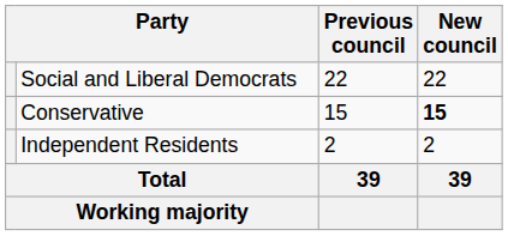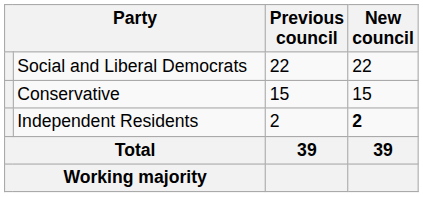 <table class="wikitable">
 <tr>
 <th valign=top colspan="2" style="width: 230px">Party</th>
 <th valign=top style="width: 30px">Previous council</th>
 <th valign=top style="width: 30px">New council</th>
 </tr>
 <tr>
 <th style="background-color: "></th>
 <td>Social and Liberal Democrats</td>
 <td>22</td>
 <td>22</td>
 </tr>
 <tr>
 <th style="background-color: "></th>
 <td>Conservative</td>
 <td>15</td>
-<td><strong>15</strong></td>
+<td>15</td>
 </tr>
 <tr>
 <th style="background-color: "></th>
 <td>Independent Residents</td>
 <td>2</td>
-<td>2</td>
+<td><strong>2</strong></td>
 </tr>
 <tr>
 <th colspan=2>Total</th>
 <th style="text-align: center">39</th>
 <th colspan=3>39</th>
 </tr>
 <tr>
 <th colspan=2>Working majority</th>
 <th></th>
 <th></th>
 </tr>
 </table>
